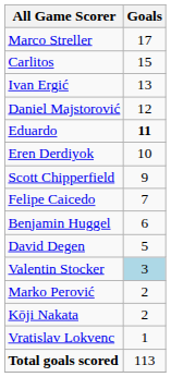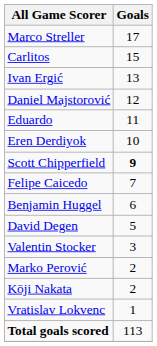 <table class="wikitable">
 <tr>
 <th>All Game Scorer</th>
 <th>Goals</th>
 </tr>
 <tr>
 <td> <a href='#'>Marco Streller</a></td>
 <td style="text-align:center;">17</td>
 </tr>
 <tr>
 <td> <a href='#'>Carlitos</a></td>
 <td style="text-align:center;">15</td>
 </tr>
 <tr>
 <td> <a href='#'>Ivan Ergić</a></td>
 <td style="text-align:center;">13</td>
 </tr>
 <tr>
 <td> <a href='#'>Daniel Majstorović</a></td>
 <td style="text-align:center;">12</td>
 </tr>
 <tr>
 <td> <a href='#'>Eduardo</a></td>
-<td style="text-align:center;"><strong>11</strong></td>
+<td style="text-align:center;">11</td>
 </tr>
 <tr>
 <td> <a href='#'>Eren Derdiyok</a></td>
 <td style="text-align:center;">10</td>
 </tr>
 <tr>
 <td> <a href='#'>Scott Chipperfield</a></td>
-<td style="text-align:center;">9</td>
+<td style="text-align:center;"><strong>9</strong></td>
 </tr>
 <tr>
 <td> <a href='#'>Felipe Caicedo</a></td>
 <td style="text-align:center;">7</td>
 </tr>
 <tr>
 <td> <a href='#'>Benjamin Huggel</a></td>
 <td style="text-align:center;">6</td>
 </tr>
 <tr>
 <td> <a href='#'>David Degen</a></td>
 <td style="text-align:center;">5</td>
 </tr>
 <tr>
 <td> <a href='#'>Valentin Stocker</a></td>
-<td style="background: lightblue; text-align:center;">3</td>
+<td style="text-align:center;">3</td>
 </tr>
 <tr>
 <td> <a href='#'>Marko Perović</a></td>
 <td style="text-align:center;">2</td>
 </tr>
 <tr>
 <td> <a href='#'>Kōji Nakata</a></td>
 <td style="text-align:center;">2</td>
 </tr>
 <tr>
 <td> <a href='#'>Vratislav Lokvenc</a></td>
 <td style="text-align:center;">1</td>
 </tr>
 <tr>
 <td><strong>Total goals scored</strong></td>
 <td style="text-align:center;">113</td>
 </tr>
 <tr>
 </tr>
 </table>
